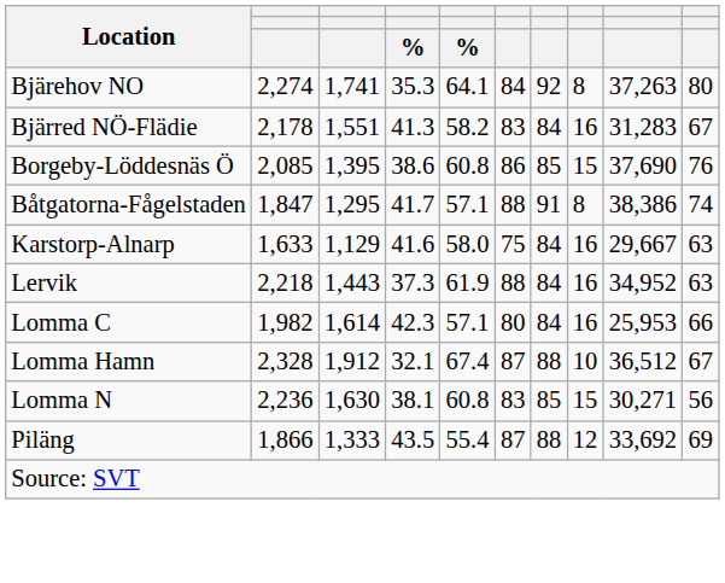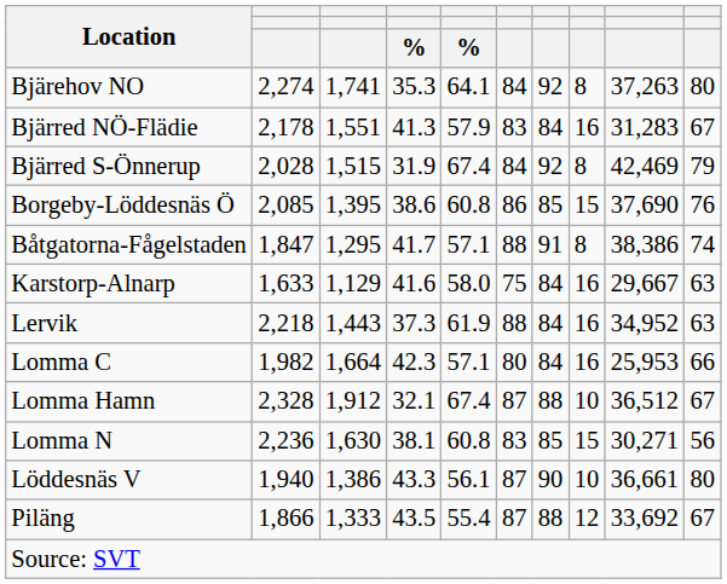 <table role="presentation" class="wikitable sortable mw-collapsible">
 <tr>
 <th rowspan="3">Location</th>
 <th></th>
 <th></th>
 <th></th>
 <th></th>
 <th></th>
 <th></th>
 <th></th>
 <th></th>
 <th></th>
 </tr>
 <tr>
 <th></th>
 <th></th>
 <th style="background:"></th>
 <th style="background:"></th>
 <th></th>
 <th></th>
 <th></th>
 <th></th>
 <th></th>
 </tr>
 <tr>
 <th data-sort-type="number"></th>
 <th data-sort-type="number"></th>
 <th data-sort-type="number">%</th>
 <th data-sort-type="number">%</th>
 <th data-sort-type="number"></th>
 <th data-sort-type="number"></th>
 <th data-sort-type="number"></th>
 <th data-sort-type="number"></th>
 <th data-sort-type="number"></th>
 </tr>
 <tr>
 <td align="left">Bjärehov NO</td>
 <td>2,274</td>
 <td>1,741</td>
 <td>35.3</td>
 <td>64.1</td>
 <td>84</td>
 <td>92</td>
 <td>8</td>
 <td>37,263</td>
 <td>80</td>
 </tr>
 <tr>
 <td align="left">Bjärred NÖ-Flädie</td>
 <td>2,178</td>
 <td>1,551</td>
 <td>41.3</td>
-<td>58.2</td>
+<td>57.9</td>
 <td>83</td>
 <td>84</td>
 <td>16</td>
 <td>31,283</td>
 <td>67</td>
+</tr>
+<tr>
+<td align="left">Bjärred S-Önnerup</td>
+<td>2,028</td>
+<td>1,515</td>
+<td>31.9</td>
+<td>67.4</td>
+<td>84</td>
+<td>92</td>
+<td>8</td>
+<td>42,469</td>
+<td>79</td>
 </tr>
 <tr>
 <td align="left">Borgeby-Löddesnäs Ö</td>
 <td>2,085</td>
 <td>1,395</td>
 <td>38.6</td>
 <td>60.8</td>
 <td>86</td>
 <td>85</td>
 <td>15</td>
 <td>37,690</td>
 <td>76</td>
 </tr>
 <tr>
 <td align="left">Båtgatorna-Fågelstaden</td>
 <td>1,847</td>
 <td>1,295</td>
 <td>41.7</td>
 <td>57.1</td>
 <td>88</td>
 <td>91</td>
 <td>8</td>
 <td>38,386</td>
 <td>74</td>
 </tr>
 <tr>
 <td align="left">Karstorp-Alnarp</td>
 <td>1,633</td>
 <td>1,129</td>
 <td>41.6</td>
 <td>58.0</td>
 <td>75</td>
 <td>84</td>
 <td>16</td>
 <td>29,667</td>
 <td>63</td>
 </tr>
 <tr>
 <td align="left">Lervik</td>
 <td>2,218</td>
 <td>1,443</td>
 <td>37.3</td>
 <td>61.9</td>
 <td>88</td>
 <td>84</td>
 <td>16</td>
 <td>34,952</td>
 <td>63</td>
 </tr>
 <tr>
 <td align="left">Lomma C</td>
 <td>1,982</td>
-<td>1,614</td>
+<td>1,664</td>
 <td>42.3</td>
 <td>57.1</td>
 <td>80</td>
 <td>84</td>
 <td>16</td>
 <td>25,953</td>
 <td>66</td>
 </tr>
 <tr>
 <td align="left">Lomma Hamn</td>
 <td>2,328</td>
 <td>1,912</td>
 <td>32.1</td>
 <td>67.4</td>
 <td>87</td>
 <td>88</td>
 <td>10</td>
 <td>36,512</td>
 <td>67</td>
 </tr>
 <tr>
 <td align="left">Lomma N</td>
 <td>2,236</td>
 <td>1,630</td>
 <td>38.1</td>
 <td>60.8</td>
 <td>83</td>
 <td>85</td>
 <td>15</td>
 <td>30,271</td>
 <td>56</td>
 </tr>
 <tr>
+<td align="left">Löddesnäs V</td>
+<td>1,940</td>
+<td>1,386</td>
+<td>43.3</td>
+<td>56.1</td>
+<td>87</td>
+<td>90</td>
+<td>10</td>
+<td>36,661</td>
+<td>80</td>
+</tr>
+<tr>
 <td align="left">Piläng</td>
 <td>1,866</td>
 <td>1,333</td>
 <td>43.5</td>
 <td>55.4</td>
 <td>87</td>
 <td>88</td>
 <td>12</td>
 <td>33,692</td>
-<td>69</td>
+<td>67</td>
 </tr>
 <tr>
 <td colspan="10" align="left">Source: <a href='#'>SVT</a></td>
 </tr>
 </table>
